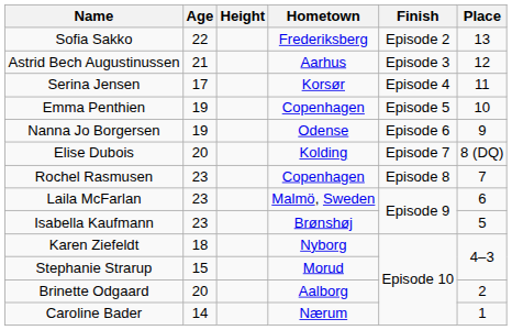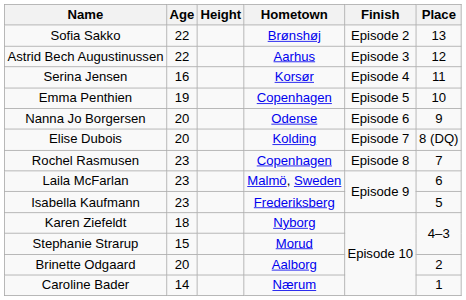 <table class="wikitable sortable" style="text-align:center;">
 <tr>
 <th>Name</th>
 <th>Age</th>
 <th>Height</th>
 <th>Hometown</th>
 <th>Finish</th>
 <th>Place</th>
 </tr>
 <tr>
 <td>Sofia Sakko</td>
 <td>22</td>
 <td></td>
-<td><a href='#'>Frederiksberg</a></td>
+<td><a href='#'>Brønshøj</a></td>
 <td>Episode 2</td>
 <td>13</td>
 </tr>
 <tr>
 <td>Astrid Bech Augustinussen</td>
-<td>21</td>
+<td>22</td>
 <td></td>
 <td><a href='#'>Aarhus</a></td>
 <td>Episode 3</td>
 <td>12</td>
 </tr>
 <tr>
 <td>Serina Jensen</td>
-<td>17</td>
+<td>16</td>
 <td></td>
 <td><a href='#'>Korsør</a></td>
 <td>Episode 4</td>
 <td>11</td>
 </tr>
 <tr>
 <td>Emma Penthien</td>
 <td>19</td>
 <td></td>
 <td><a href='#'>Copenhagen</a></td>
 <td>Episode 5</td>
 <td>10</td>
 </tr>
 <tr>
 <td>Nanna Jo Borgersen</td>
-<td>19</td>
+<td>20</td>
 <td></td>
 <td><a href='#'>Odense</a></td>
 <td>Episode 6</td>
 <td>9</td>
 </tr>
 <tr>
 <td>Elise Dubois</td>
 <td>20</td>
 <td></td>
 <td><a href='#'>Kolding</a></td>
 <td>Episode 7</td>
 <td>8 (DQ)</td>
 </tr>
 <tr>
 <td>Rochel Rasmusen</td>
 <td>23</td>
 <td></td>
 <td><a href='#'>Copenhagen</a></td>
 <td>Episode 8</td>
 <td>7</td>
 </tr>
 <tr>
 <td>Laila McFarlan</td>
 <td>23</td>
 <td></td>
 <td><a href='#'>Malmö</a>, <a href='#'>Sweden</a></td>
 <td rowspan="2">Episode 9</td>
 <td>6</td>
 </tr>
 <tr>
 <td>Isabella Kaufmann</td>
 <td>23</td>
 <td></td>
-<td><a href='#'>Brønshøj</a></td>
+<td><a href='#'>Frederiksberg</a></td>
 <td>5</td>
 </tr>
 <tr>
 <td>Karen Ziefeldt</td>
 <td>18</td>
 <td></td>
 <td><a href='#'>Nyborg</a></td>
 <td rowspan="4">Episode 10</td>
 <td rowspan="2">4–3</td>
 </tr>
 <tr>
 <td>Stephanie Strarup</td>
 <td>15</td>
 <td></td>
 <td><a href='#'>Morud</a></td>
 </tr>
 <tr>
 <td>Brinette Odgaard</td>
 <td>20</td>
 <td></td>
 <td><a href='#'>Aalborg</a></td>
 <td>2</td>
 </tr>
 <tr>
 <td>Caroline Bader</td>
 <td>14</td>
 <td></td>
 <td><a href='#'>Nærum</a></td>
 <td>1</td>
 </tr>
 </table>
